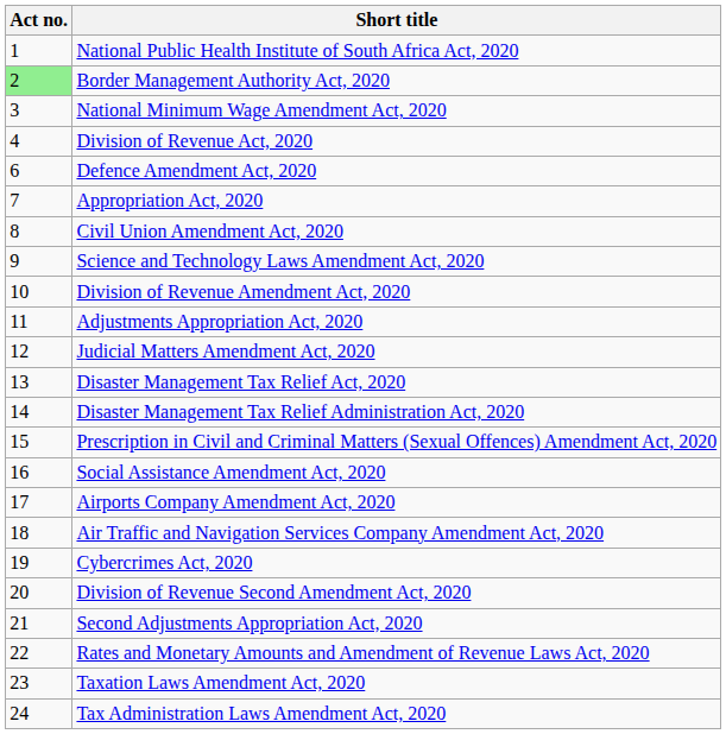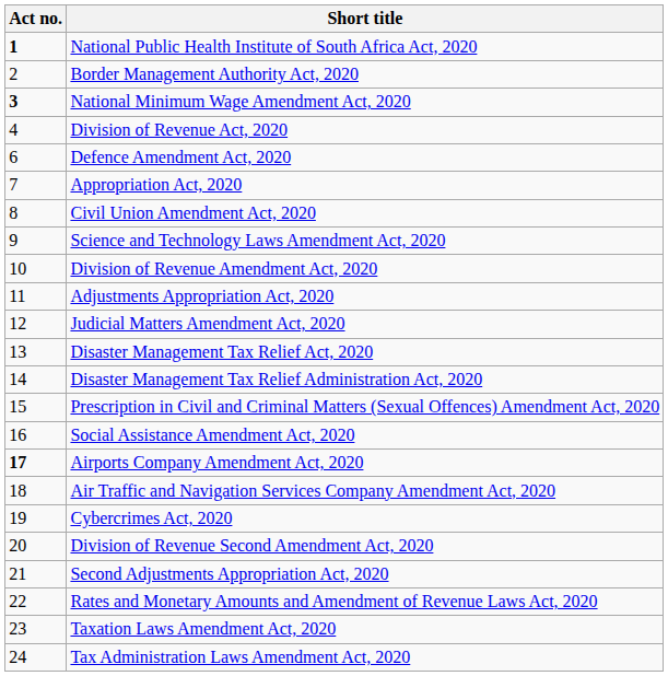 <table class="wikitable sortable">
 <tr>
 <th>Act no.</th>
 <th>Short title</th>
 </tr>
 <tr>
-<td>1</td>
+<td><strong>1</strong></td>
 <td><a href='#'>National Public Health Institute of South Africa Act, 2020</a></td>
 </tr>
 <tr>
-<td style="background: lightgreen;">2</td>
+<td>2</td>
 <td><a href='#'>Border Management Authority Act, 2020</a></td>
 </tr>
 <tr>
-<td>3</td>
+<td><strong>3</strong></td>
 <td><a href='#'>National Minimum Wage Amendment Act, 2020</a></td>
 </tr>
 <tr>
 <td>4</td>
 <td><a href='#'>Division of Revenue Act, 2020</a></td>
 </tr>
 <tr>
 <td>6</td>
 <td><a href='#'>Defence Amendment Act, 2020</a></td>
 </tr>
 <tr>
 <td>7</td>
 <td><a href='#'>Appropriation Act, 2020</a></td>
 </tr>
 <tr>
 <td>8</td>
 <td><a href='#'>Civil Union Amendment Act, 2020</a></td>
 </tr>
 <tr>
 <td>9</td>
 <td><a href='#'>Science and Technology Laws Amendment Act, 2020</a></td>
 </tr>
 <tr>
 <td>10</td>
 <td><a href='#'>Division of Revenue Amendment Act, 2020</a></td>
 </tr>
 <tr>
 <td>11</td>
 <td><a href='#'>Adjustments Appropriation Act, 2020</a></td>
 </tr>
 <tr>
 <td>12</td>
 <td><a href='#'>Judicial Matters Amendment Act, 2020</a></td>
 </tr>
 <tr>
 <td>13</td>
 <td><a href='#'>Disaster Management Tax Relief Act, 2020</a></td>
 </tr>
 <tr>
 <td>14</td>
 <td><a href='#'>Disaster Management Tax Relief Administration Act, 2020</a></td>
 </tr>
 <tr>
 <td>15</td>
 <td><a href='#'>Prescription in Civil and Criminal Matters (Sexual Offences) Amendment Act, 2020</a></td>
 </tr>
 <tr>
 <td>16</td>
 <td><a href='#'>Social Assistance Amendment Act, 2020</a></td>
 </tr>
 <tr>
-<td>17</td>
+<td><strong>17</strong></td>
 <td><a href='#'>Airports Company Amendment Act, 2020</a></td>
 </tr>
 <tr>
 <td>18</td>
 <td><a href='#'>Air Traffic and Navigation Services Company Amendment Act, 2020</a></td>
 </tr>
 <tr>
 <td>19</td>
 <td><a href='#'>Cybercrimes Act, 2020</a></td>
 </tr>
 <tr>
 <td>20</td>
 <td><a href='#'>Division of Revenue Second Amendment Act, 2020</a></td>
 </tr>
 <tr>
 <td>21</td>
 <td><a href='#'>Second Adjustments Appropriation Act, 2020</a></td>
 </tr>
 <tr>
 <td>22</td>
 <td><a href='#'>Rates and Monetary Amounts and Amendment of Revenue Laws Act, 2020</a></td>
 </tr>
 <tr>
 <td>23</td>
 <td><a href='#'>Taxation Laws Amendment Act, 2020</a></td>
 </tr>
 <tr>
 <td>24</td>
 <td><a href='#'>Tax Administration Laws Amendment Act, 2020</a></td>
 </tr>
 </table>
